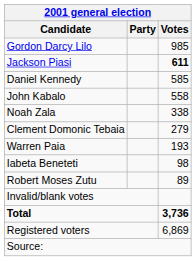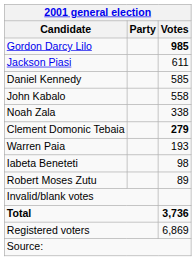 <table class=wikitable style=text-align:left>
 <tr>
 <th colspan=3><a href='#'>2001 general election</a></th>
 </tr>
 <tr>
 <th>Candidate</th>
 <th>Party</th>
 <th>Votes</th>
 </tr>
 <tr>
 <td><a href='#'>Gordon Darcy Lilo</a></td>
 <td></td>
-<td align=right>985</td>
+<td align=right><strong>985</strong></td>
 </tr>
 <tr>
 <td><a href='#'>Jackson Piasi</a></td>
 <td></td>
-<td align=right><strong>611</strong></td>
+<td align=right>611</td>
 </tr>
 <tr>
 <td>Daniel Kennedy</td>
 <td></td>
 <td align=right>585</td>
 </tr>
 <tr>
 <td>John Kabalo</td>
 <td></td>
 <td align=right>558</td>
 </tr>
 <tr>
 <td>Noah Zala</td>
 <td></td>
 <td align=right>338</td>
 </tr>
 <tr>
 <td>Clement Domonic Tebaia</td>
 <td></td>
-<td align=right>279</td>
+<td align=right><strong>279</strong></td>
 </tr>
 <tr>
 <td>Warren Paia</td>
 <td></td>
 <td align=right>193</td>
 </tr>
 <tr>
 <td>Iabeta Beneteti</td>
 <td></td>
 <td align=right>98</td>
 </tr>
 <tr>
 <td>Robert Moses Zutu</td>
 <td></td>
 <td align=right>89</td>
 </tr>
 <tr>
 <td colspan=2>Invalid/blank votes</td>
 <td></td>
 </tr>
 <tr>
 <td colspan=2><strong>Total</strong></td>
 <td align=right><strong>3,736</strong></td>
 </tr>
 <tr>
 <td colspan=2>Registered voters</td>
 <td align=right>6,869</td>
 </tr>
 <tr>
 <td colspan=3>Source: </td>
 </tr>
 </table>
